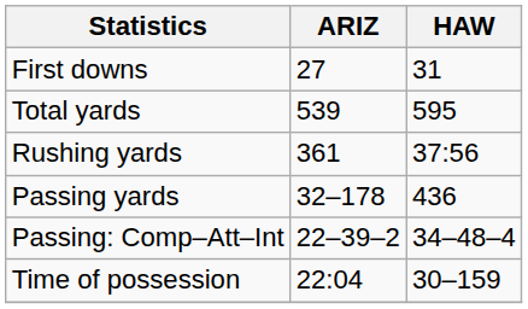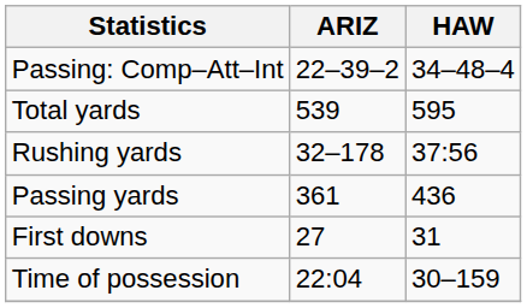 <table class="wikitable" style="float: left;">
 <tr>
 <th>Statistics</th>
 <th>ARIZ</th>
 <th>HAW</th>
 </tr>
 <tr>
-<td>First downs</td>
-<td>27</td>
-<td>31</td>
+<td>Passing: Comp–Att–Int</td>
+<td>22–39–2</td>
+<td>34–48–4</td>
 </tr>
 <tr>
 <td>Total yards</td>
 <td>539</td>
 <td>595</td>
 </tr>
 <tr>
 <td>Rushing yards</td>
-<td>361</td>
+<td>32–178</td>
 <td>37:56</td>
 </tr>
 <tr>
 <td>Passing yards</td>
-<td>32–178</td>
+<td>361</td>
 <td>436</td>
 </tr>
 <tr>
-<td>Passing: Comp–Att–Int</td>
-<td>22–39–2</td>
-<td>34–48–4</td>
+<td>First downs</td>
+<td>27</td>
+<td>31</td>
 </tr>
 <tr>
 <td>Time of possession</td>
 <td>22:04</td>
 <td>30–159</td>
 </tr>
 <tr>
 </tr>
 </table>
